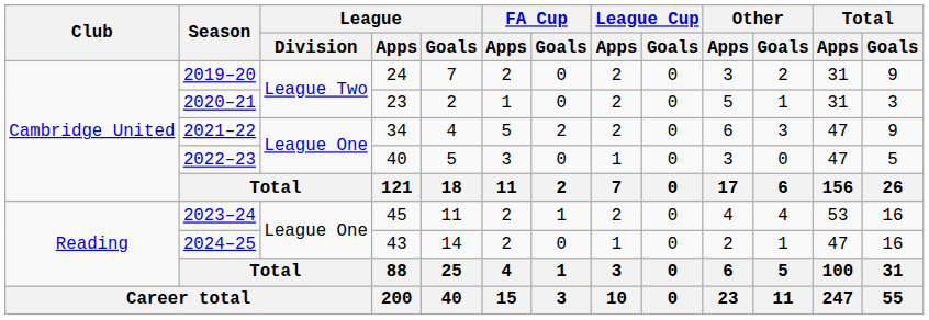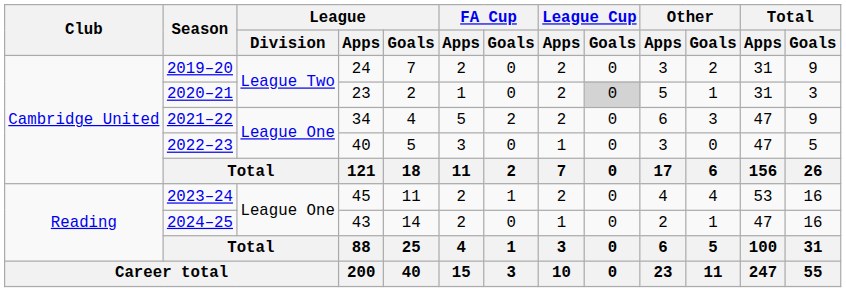 <table class=wikitable style="text-align:center">
 <tr>
 <th rowspan=2>Club</th>
 <th rowspan=2>Season</th>
 <th colspan=3>League</th>
 <th colspan=2><a href='#'>FA Cup</a></th>
 <th colspan=2><a href='#'>League Cup</a></th>
 <th colspan=2>Other</th>
 <th colspan=2>Total</th>
 </tr>
 <tr>
 <th>Division</th>
 <th>Apps</th>
 <th>Goals</th>
 <th>Apps</th>
 <th>Goals</th>
 <th>Apps</th>
 <th>Goals</th>
 <th>Apps</th>
 <th>Goals</th>
 <th>Apps</th>
 <th>Goals</th>
 </tr>
 <tr>
 <td rowspan=5><a href='#'>Cambridge United</a></td>
 <td><a href='#'>2019–20</a></td>
 <td rowspan="2"><a href='#'>League Two</a></td>
 <td>24</td>
 <td>7</td>
 <td>2</td>
 <td>0</td>
 <td>2</td>
 <td>0</td>
 <td>3</td>
 <td>2</td>
 <td>31</td>
 <td>9</td>
 </tr>
 <tr>
 <td><a href='#'>2020–21</a></td>
 <td>23</td>
 <td>2</td>
 <td>1</td>
 <td>0</td>
 <td>2</td>
-<td>0</td>
+<td style="background: lightgrey;">0</td>
 <td>5</td>
 <td>1</td>
 <td>31</td>
 <td>3</td>
 </tr>
 <tr>
 <td><a href='#'>2021–22</a></td>
 <td rowspan="2"><a href='#'>League One</a></td>
 <td>34</td>
 <td>4</td>
 <td>5</td>
 <td>2</td>
 <td>2</td>
 <td>0</td>
 <td>6</td>
 <td>3</td>
 <td>47</td>
 <td>9</td>
 </tr>
 <tr>
 <td><a href='#'>2022–23</a></td>
 <td>40</td>
 <td>5</td>
 <td>3</td>
 <td>0</td>
 <td>1</td>
 <td>0</td>
 <td>3</td>
 <td>0</td>
 <td>47</td>
 <td>5</td>
 </tr>
 <tr>
 <th colspan=2>Total</th>
 <th>121</th>
 <th>18</th>
 <th>11</th>
 <th>2</th>
 <th>7</th>
 <th>0</th>
 <th>17</th>
 <th>6</th>
 <th>156</th>
 <th>26</th>
 </tr>
 <tr>
 <td rowspan=3><a href='#'>Reading</a></td>
 <td><a href='#'>2023–24</a></td>
 <td rowspan="2">League One</td>
 <td>45</td>
 <td>11</td>
 <td>2</td>
 <td>1</td>
 <td>2</td>
 <td>0</td>
 <td>4</td>
 <td>4</td>
 <td>53</td>
 <td>16</td>
 </tr>
 <tr>
 <td><a href='#'>2024–25</a></td>
 <td>43</td>
 <td>14</td>
 <td>2</td>
 <td>0</td>
 <td>1</td>
 <td>0</td>
 <td>2</td>
 <td>1</td>
 <td>47</td>
 <td>16</td>
 </tr>
 <tr>
 <th colspan=2>Total</th>
 <th>88</th>
 <th>25</th>
 <th>4</th>
 <th>1</th>
 <th>3</th>
 <th>0</th>
 <th>6</th>
 <th>5</th>
 <th>100</th>
 <th>31</th>
 </tr>
 <tr>
 <th colspan=3>Career total</th>
 <th>200</th>
 <th>40</th>
 <th>15</th>
 <th>3</th>
 <th>10</th>
 <th>0</th>
 <th>23</th>
 <th>11</th>
 <th>247</th>
 <th>55</th>
 </tr>
 </table>
